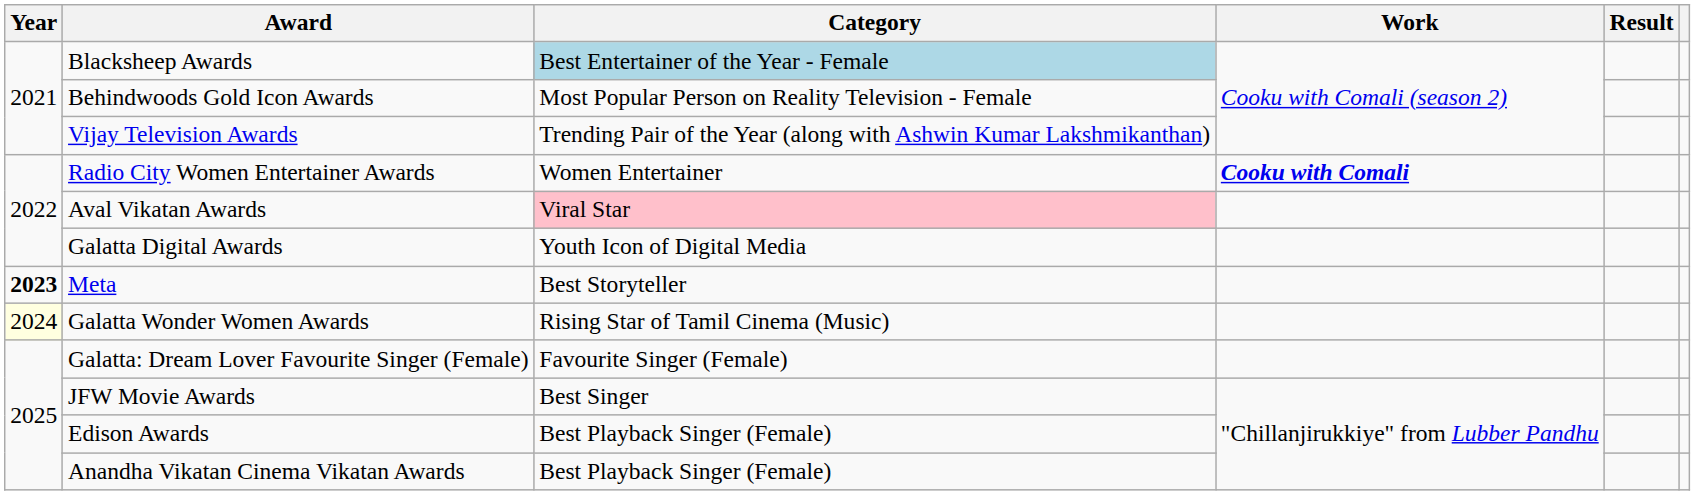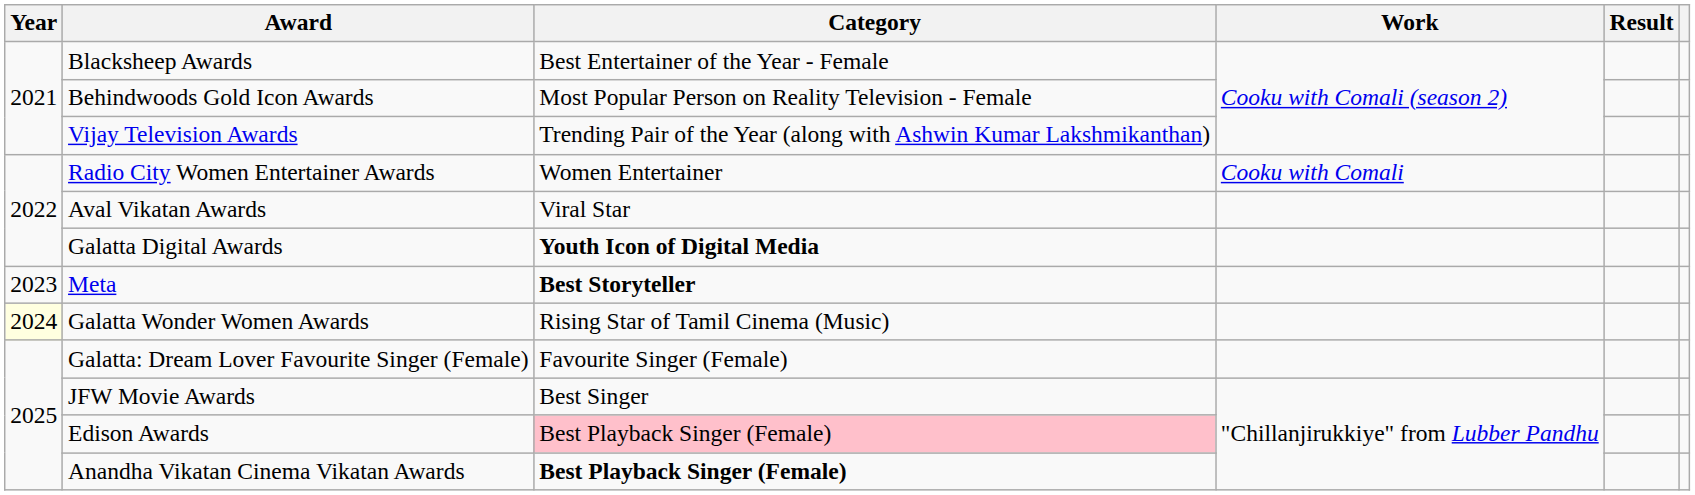 <table class="wikitable sortable">
 <tr>
 <th scope="col">Year</th>
 <th scope="col">Award</th>
 <th scope="col">Category</th>
 <th scope="col">Work</th>
 <th scope="col">Result</th>
 <th scope="col" class="unsortable"></th>
 </tr>
 <tr>
 <td rowspan="3">2021</td>
 <td>Blacksheep Awards</td>
-<td style="background: lightblue;">Best Entertainer of the Year - Female</td>
+<td>Best Entertainer of the Year - Female</td>
 <td rowspan=3><em><a href='#'>Cooku with Comali (season 2)</a></em></td>
 <td></td>
 <td></td>
 </tr>
 <tr>
 <td>Behindwoods Gold Icon Awards</td>
 <td>Most Popular Person on Reality Television - Female</td>
 <td></td>
 <td></td>
 </tr>
 <tr>
 <td><a href='#'>Vijay Television Awards</a></td>
 <td>Trending Pair of the Year (along with <a href='#'>Ashwin Kumar Lakshmikanthan</a>)</td>
 <td></td>
 <td></td>
 </tr>
 <tr>
 <td Rowspan="3">2022</td>
 <td><a href='#'>Radio City</a> Women Entertainer Awards</td>
 <td>Women Entertainer</td>
-<td><strong><em><a href='#'>Cooku with Comali</a></em></strong></td>
+<td><em><a href='#'>Cooku with Comali</a></em></td>
 <td></td>
 <td></td>
 </tr>
 <tr>
 <td>Aval Vikatan Awards</td>
-<td style="background: pink;">Viral Star</td>
+<td>Viral Star</td>
 <td></td>
 <td></td>
 <td></td>
 </tr>
 <tr>
 <td>Galatta Digital Awards</td>
-<td>Youth Icon of Digital Media</td>
+<td><strong>Youth Icon of Digital Media</strong></td>
 <td></td>
 <td></td>
 <td></td>
 </tr>
 <tr>
-<td><strong>2023</strong></td>
+<td>2023</td>
 <td><a href='#'>Meta</a></td>
-<td>Best Storyteller</td>
+<td><strong>Best Storyteller</strong></td>
 <td></td>
 <td></td>
 <td></td>
 </tr>
 <tr>
 <td style="background: lightyellow;">2024</td>
 <td>Galatta Wonder Women Awards</td>
 <td>Rising Star of Tamil Cinema (Music)</td>
 <td></td>
 <td></td>
 <td></td>
 </tr>
 <tr>
 <td Rowspan="4">2025</td>
 <td>Galatta: Dream Lover Favourite Singer (Female)</td>
 <td>Favourite Singer (Female)</td>
 <td></td>
 <td></td>
 <td></td>
 </tr>
 <tr>
 <td>JFW Movie Awards</td>
 <td>Best Singer</td>
 <td rowspan="3">"Chillanjirukkiye" from <em><a href='#'>Lubber Pandhu</a></em></td>
 <td></td>
 <td></td>
 </tr>
 <tr>
 <td>Edison Awards</td>
-<td>Best Playback Singer (Female)</td>
+<td style="background: pink;">Best Playback Singer (Female)</td>
 <td></td>
 <td></td>
 </tr>
 <tr>
 <td>Anandha Vikatan Cinema Vikatan Awards</td>
-<td>Best Playback Singer (Female)</td>
+<td><strong>Best Playback Singer (Female)</strong></td>
 <td></td>
 <td></td>
 </tr>
 </table>
